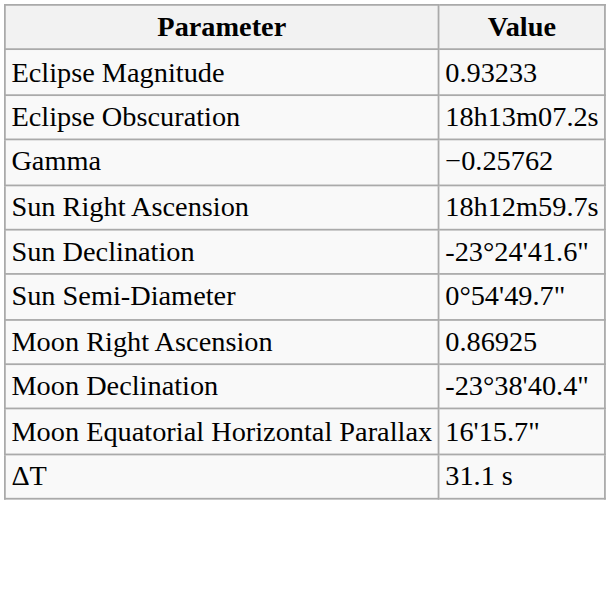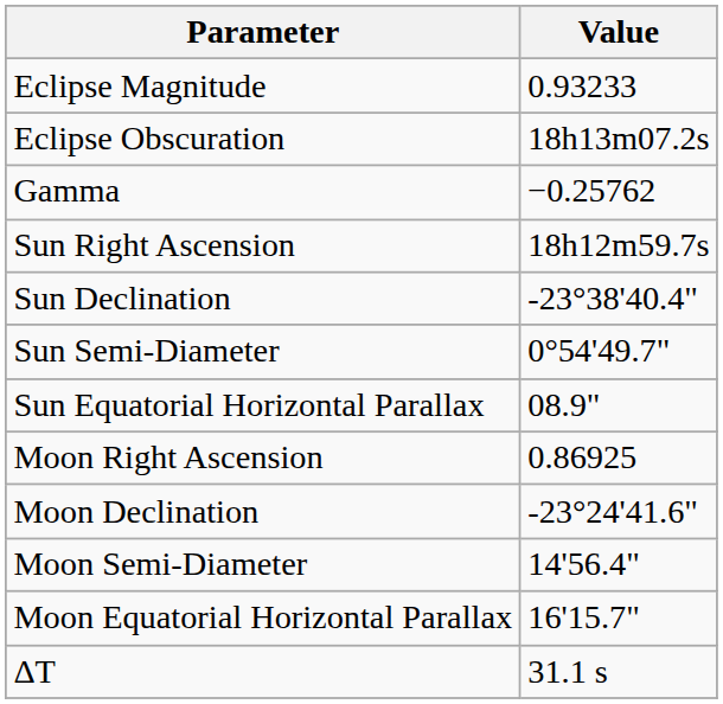 <table class="wikitable">
 <tr>
 <th>Parameter</th>
 <th>Value</th>
 </tr>
 <tr>
 <td>Eclipse Magnitude</td>
 <td>0.93233</td>
 </tr>
 <tr>
 <td>Eclipse Obscuration</td>
 <td>18h13m07.2s</td>
 </tr>
 <tr>
 <td>Gamma</td>
 <td>−0.25762</td>
 </tr>
 <tr>
 <td>Sun Right Ascension</td>
 <td>18h12m59.7s</td>
 </tr>
 <tr>
 <td>Sun Declination</td>
-<td>-23°24'41.6"</td>
+<td>-23°38'40.4"</td>
 </tr>
 <tr>
 <td>Sun Semi-Diameter</td>
 <td>0°54'49.7"</td>
+</tr>
+<tr>
+<td>Sun Equatorial Horizontal Parallax</td>
+<td>08.9"</td>
 </tr>
 <tr>
 <td>Moon Right Ascension</td>
 <td>0.86925</td>
 </tr>
 <tr>
 <td>Moon Declination</td>
-<td>-23°38'40.4"</td>
+<td>-23°24'41.6"</td>
+</tr>
+<tr>
+<td>Moon Semi-Diameter</td>
+<td>14'56.4"</td>
 </tr>
 <tr>
 <td>Moon Equatorial Horizontal Parallax</td>
 <td>16'15.7"</td>
 </tr>
 <tr>
 <td>ΔT</td>
 <td>31.1 s</td>
 </tr>
 </table>
